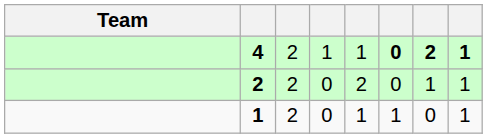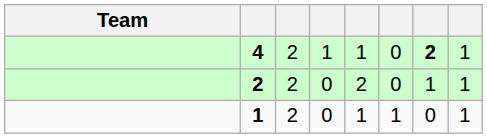 <table class="wikitable" style="text-align: center;">
 <tr>
 <th width=180>Team</th>
 <th width=20></th>
 <th width=20></th>
 <th width=20></th>
 <th width=20></th>
 <th width=20></th>
 <th width=20></th>
 <th width=20></th>
 </tr>
 <tr bgcolor=ccffcc>
 <td align=left></td>
 <td><strong>4</strong></td>
 <td>2</td>
 <td>1</td>
 <td>1</td>
-<td><strong>0</strong></td>
+<td>0</td>
 <td><strong>2</strong></td>
-<td><strong>1</strong></td>
+<td>1</td>
 </tr>
 <tr bgcolor=ccffcc>
 <td align=left></td>
 <td><strong>2</strong></td>
 <td>2</td>
 <td>0</td>
 <td>2</td>
 <td>0</td>
 <td>1</td>
 <td>1</td>
 </tr>
 <tr>
 <td align=left></td>
 <td><strong>1</strong></td>
 <td>2</td>
 <td>0</td>
 <td>1</td>
 <td>1</td>
 <td>0</td>
 <td>1</td>
 </tr>
 </table>
